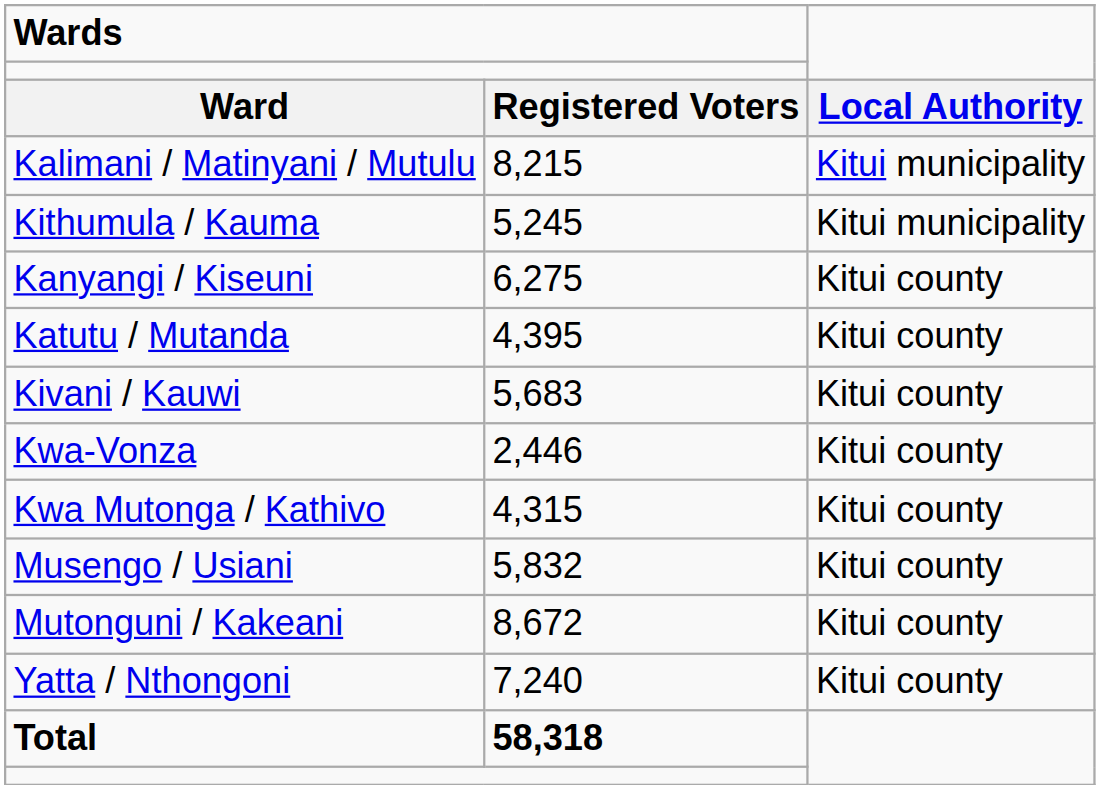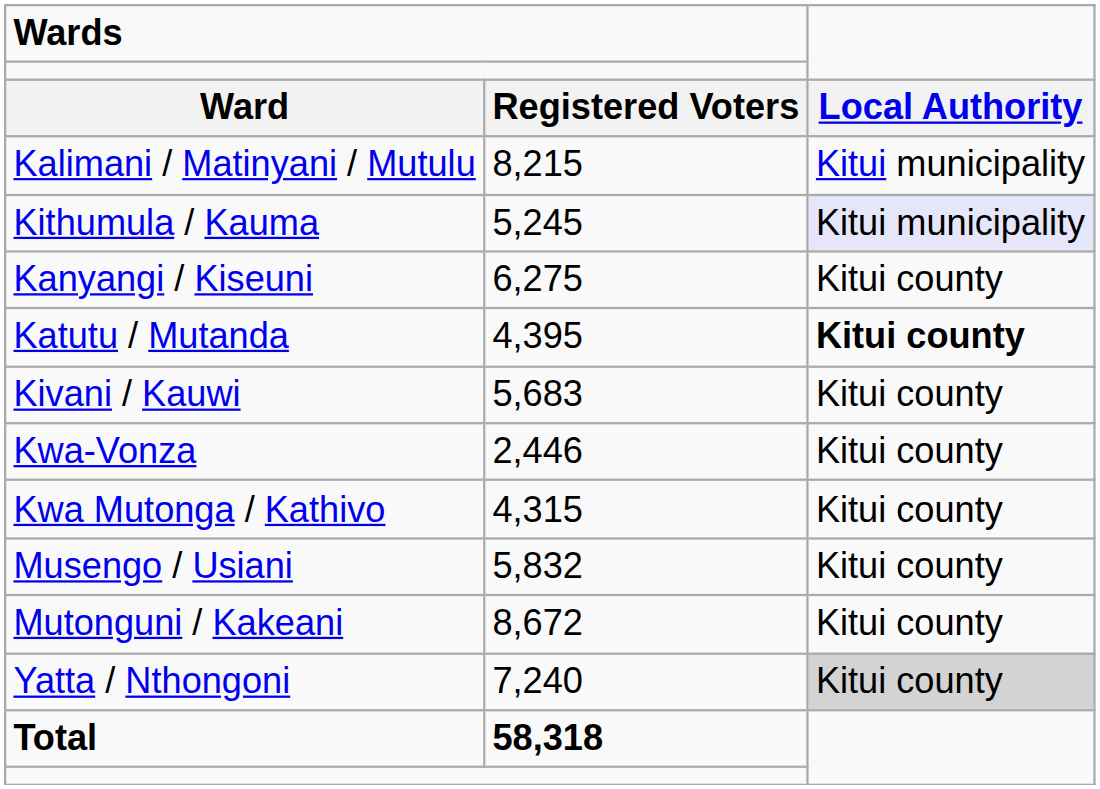 <table class="wikitable">
 <tr>
 <td colspan="2"><strong>Wards</strong></td>
 </tr>
 <tr>
 <td colspan="2"></td>
 </tr>
 <tr>
 <th>Ward</th>
 <th>Registered Voters</th>
 <th><a href='#'>Local Authority</a></th>
 </tr>
 <tr>
 <td><a href='#'>Kalimani</a> / <a href='#'>Matinyani</a> / <a href='#'>Mutulu</a></td>
 <td>8,215</td>
 <td><a href='#'>Kitui</a> municipality</td>
 </tr>
 <tr>
 <td><a href='#'>Kithumula</a> / <a href='#'>Kauma</a></td>
 <td>5,245</td>
-<td>Kitui municipality</td>
+<td style="background: lavender;">Kitui municipality</td>
 </tr>
 <tr>
 <td><a href='#'>Kanyangi</a> / <a href='#'>Kiseuni</a></td>
 <td>6,275</td>
 <td>Kitui county</td>
 </tr>
 <tr>
 <td><a href='#'>Katutu</a> / <a href='#'>Mutanda</a></td>
 <td>4,395</td>
-<td>Kitui county</td>
+<td><strong>Kitui county</strong></td>
 </tr>
 <tr>
 <td><a href='#'>Kivani</a> / <a href='#'>Kauwi</a></td>
 <td>5,683</td>
 <td>Kitui county</td>
 </tr>
 <tr>
 <td><a href='#'>Kwa-Vonza</a></td>
 <td>2,446</td>
 <td>Kitui county</td>
 </tr>
 <tr>
 <td><a href='#'>Kwa Mutonga</a> / <a href='#'>Kathivo</a></td>
 <td>4,315</td>
 <td>Kitui county</td>
 </tr>
 <tr>
 <td><a href='#'>Musengo</a> / <a href='#'>Usiani</a></td>
 <td>5,832</td>
 <td>Kitui county</td>
 </tr>
 <tr>
 <td><a href='#'>Mutonguni</a> / <a href='#'>Kakeani</a></td>
 <td>8,672</td>
 <td>Kitui county</td>
 </tr>
 <tr>
 <td><a href='#'>Yatta</a> / <a href='#'>Nthongoni</a></td>
 <td>7,240</td>
-<td>Kitui county</td>
+<td style="background: lightgrey;">Kitui county</td>
 </tr>
 <tr>
 <td><strong>Total</strong></td>
 <td><strong>58,318</strong></td>
 </tr>
 <tr>
 <td colspan="2"></td>
 </tr>
 </table>
